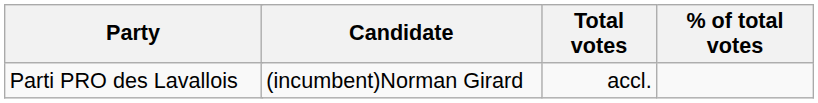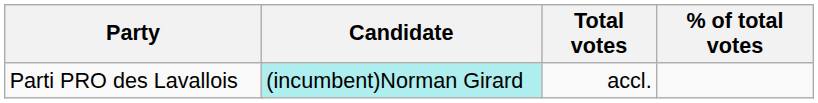 <table style="width:600px;" class="wikitable">
 <tr style="background-color:#E9E9E9">
 <th colspan="2" style="width: 200px">Party</th>
 <th colspan="1" style="width: 200px">Candidate</th>
 <th align="right">Total votes</th>
 <th align="right">% of total votes</th>
 </tr>
 <tr>
 <td colspan="2" align="left">Parti PRO des Lavallois</td>
-<td align="left">(incumbent)Norman Girard</td>
+<td align="left" style="background: paleturquoise;">(incumbent)Norman Girard</td>
 <td align="right">accl.</td>
 <td align="right"></td>
 </tr>
 </table>
